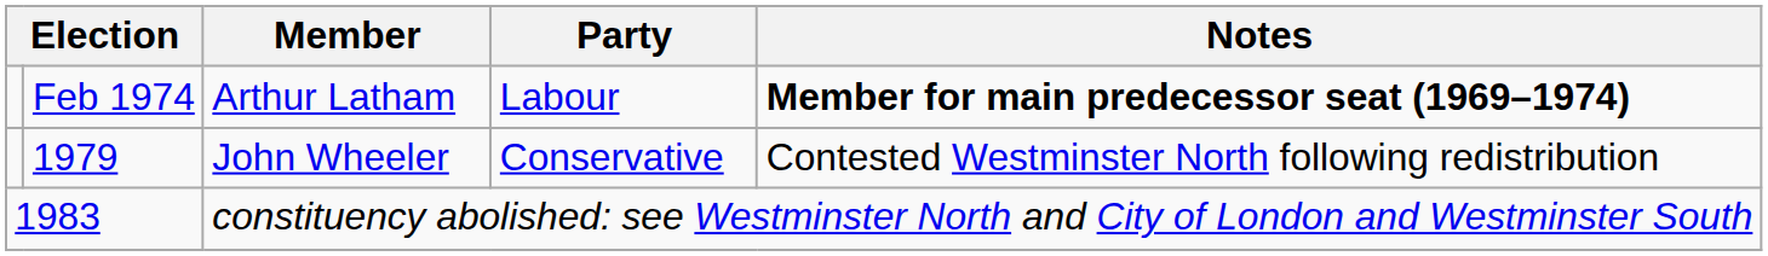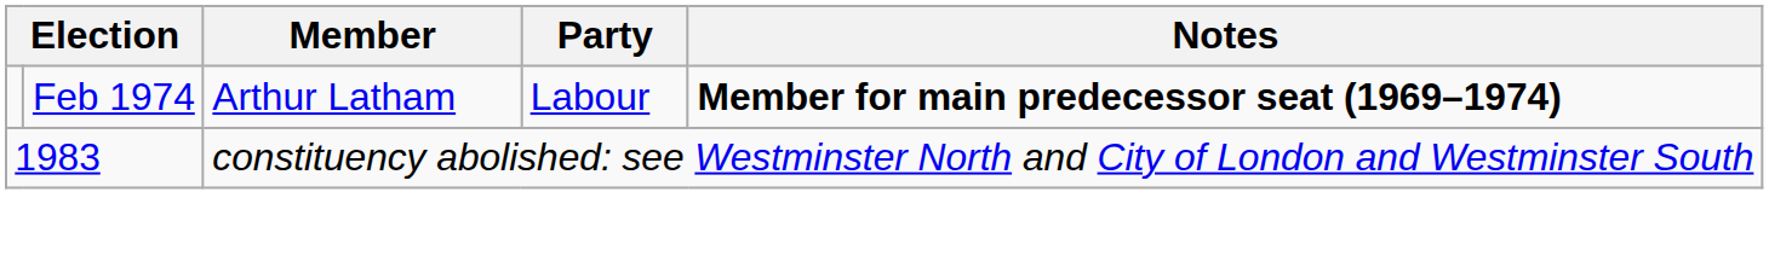 <table class="wikitable">
 <tr>
 <th colspan="2">Election</th>
 <th>Member</th>
 <th>Party</th>
 <th>Notes</th>
 </tr>
 <tr>
 <td style="color:inherit;background-color: "></td>
 <td><a href='#'>Feb 1974</a></td>
 <td><a href='#'>Arthur Latham</a></td>
 <td><a href='#'>Labour</a></td>
 <td><strong>Member for main predecessor seat (1969–1974)</strong></td>
 </tr>
 <tr>
-<td style="color:inherit;background-color: "></td>
-<td><a href='#'>1979</a></td>
-<td><a href='#'>John Wheeler</a></td>
-<td><a href='#'>Conservative</a></td>
-<td>Contested <a href='#'>Westminster North</a> following redistribution</td>
-</tr>
-<tr>
 <td colspan="2" align="left"><a href='#'>1983</a></td>
 <td colspan=3><em>constituency abolished: see <a href='#'>Westminster North</a> and <a href='#'>City of London and Westminster South</a></em></td>
 </tr>
 </table>
